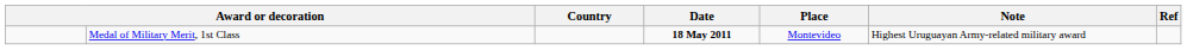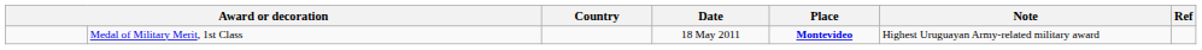 <table class="wikitable" style="text-align:left; font-size:small;">
 <tr ->
 <th colspan=2 width="690px">Award or decoration</th>
 <th width="110px">Country</th>
 <th width="110px">Date</th>
 <th width="110px">Place</th>
 <th width="300px">Note</th>
 <th>Ref</th>
 </tr>
 <tr>
 <td width="80px"></td>
 <td style="font-size:90%;"><a href='#'>Medal of Military Merit</a>, 1st Class</td>
 <td style="width:8em; font-size:90%;"></td>
-<td align="center" style="width:10em; font-size:90%;"><strong>18 May 2011</strong></td>
-<td align="center" style="font-size:90%;"><a href='#'>Montevideo</a></td>
+<td align="center" style="width:10em; font-size:90%;">18 May 2011</td>
+<td align="center" style="font-size:90%;"><strong><a href='#'>Montevideo</a></strong></td>
 <td style="font-size:90%;">Highest Uruguayan Army-related military award</td>
 <td style="font-size:90%;"></td>
 </tr>
 </table>
